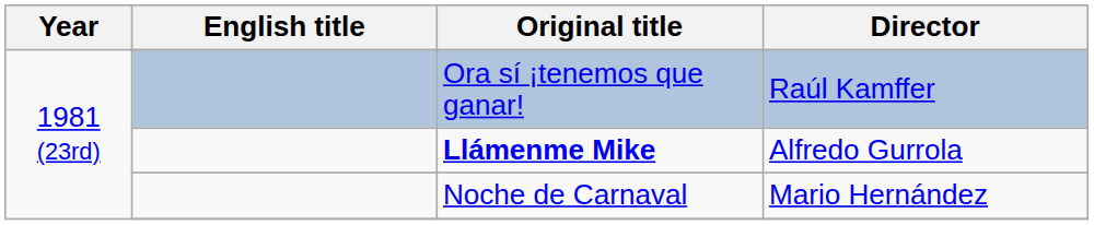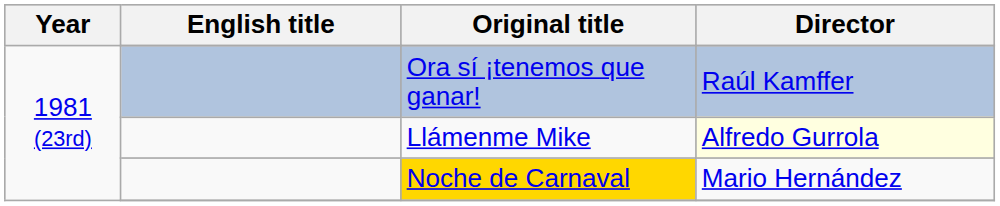 <table class="wikitable">
 <tr>
 <th width="100"><strong>Year</strong></th>
 <th width="300"><strong>English title</strong></th>
 <th width="300"><strong>Original title</strong></th>
 <th width="300"><strong>Director</strong></th>
 </tr>
 <tr>
 <td rowspan="6" style="text-align:center;"><a href='#'>1981</a><br><small><a href='#'>(23rd)</a></small></td>
 </tr>
 <tr style="background:#B0C4DE;">
 <td></td>
 <td><a href='#'>Ora sí ¡tenemos que ganar!</a></td>
 <td><a href='#'>Raúl Kamffer</a></td>
 </tr>
 <tr>
 <td></td>
-<td><strong><a href='#'>Llámenme Mike</a></strong></td>
-<td><a href='#'>Alfredo Gurrola</a></td>
+<td><a href='#'>Llámenme Mike</a></td>
+<td style="background: lightyellow;"><a href='#'>Alfredo Gurrola</a></td>
 </tr>
 <tr>
 <td></td>
-<td><a href='#'>Noche de Carnaval</a></td>
+<td style="background: gold;"><a href='#'>Noche de Carnaval</a></td>
 <td><a href='#'>Mario Hernández</a></td>
 </tr>
 <tr>
 </tr>
 </table>
